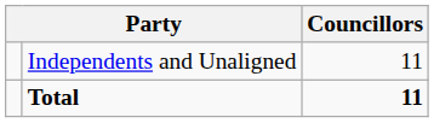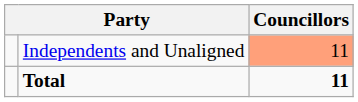 <table class="wikitable">
 <tr>
 <th colspan="2">Party</th>
 <th>Councillors</th>
 </tr>
 <tr>
 <td> </td>
 <td><a href='#'>Independents</a> and Unaligned</td>
-<td align=right>11</td>
+<td align=right style="background: lightsalmon;">11</td>
 </tr>
 <tr>
 <td></td>
 <td><strong>Total</strong></td>
 <td align=right><strong>11</strong></td>
 </tr>
 </table>
